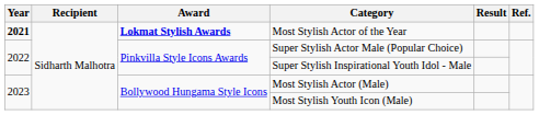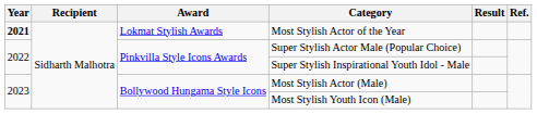 <table class="wikitable">
 <tr>
 <th>Year</th>
 <th>Recipient</th>
 <th>Award</th>
 <th>Category</th>
 <th>Result</th>
 <th class="unsortable" scope="col">Ref.</th>
 </tr>
 <tr>
 <td><strong>2021</strong></td>
 <td rowspan="5">Sidharth Malhotra</td>
-<td><strong><a href='#'>Lokmat Stylish Awards</a></strong></td>
+<td><a href='#'>Lokmat Stylish Awards</a></td>
 <td>Most Stylish Actor of the Year</td>
 <td></td>
 <td></td>
 </tr>
 <tr>
 <td rowspan="2">2022</td>
 <td rowspan="2"><a href='#'>Pinkvilla Style Icons Awards</a></td>
 <td>Super Stylish Actor Male (Popular Choice)</td>
 <td></td>
 <td rowspan="2"></td>
 </tr>
 <tr>
 <td>Super Stylish Inspirational Youth Idol - Male</td>
 <td></td>
 </tr>
 <tr>
 <td rowspan="2">2023</td>
 <td rowspan="2"><a href='#'>Bollywood Hungama Style Icons</a></td>
 <td>Most Stylish Actor (Male)</td>
 <td></td>
 <td rowspan="2"></td>
 </tr>
 <tr>
 <td>Most Stylish Youth Icon (Male)</td>
 <td></td>
 </tr>
 </table>
